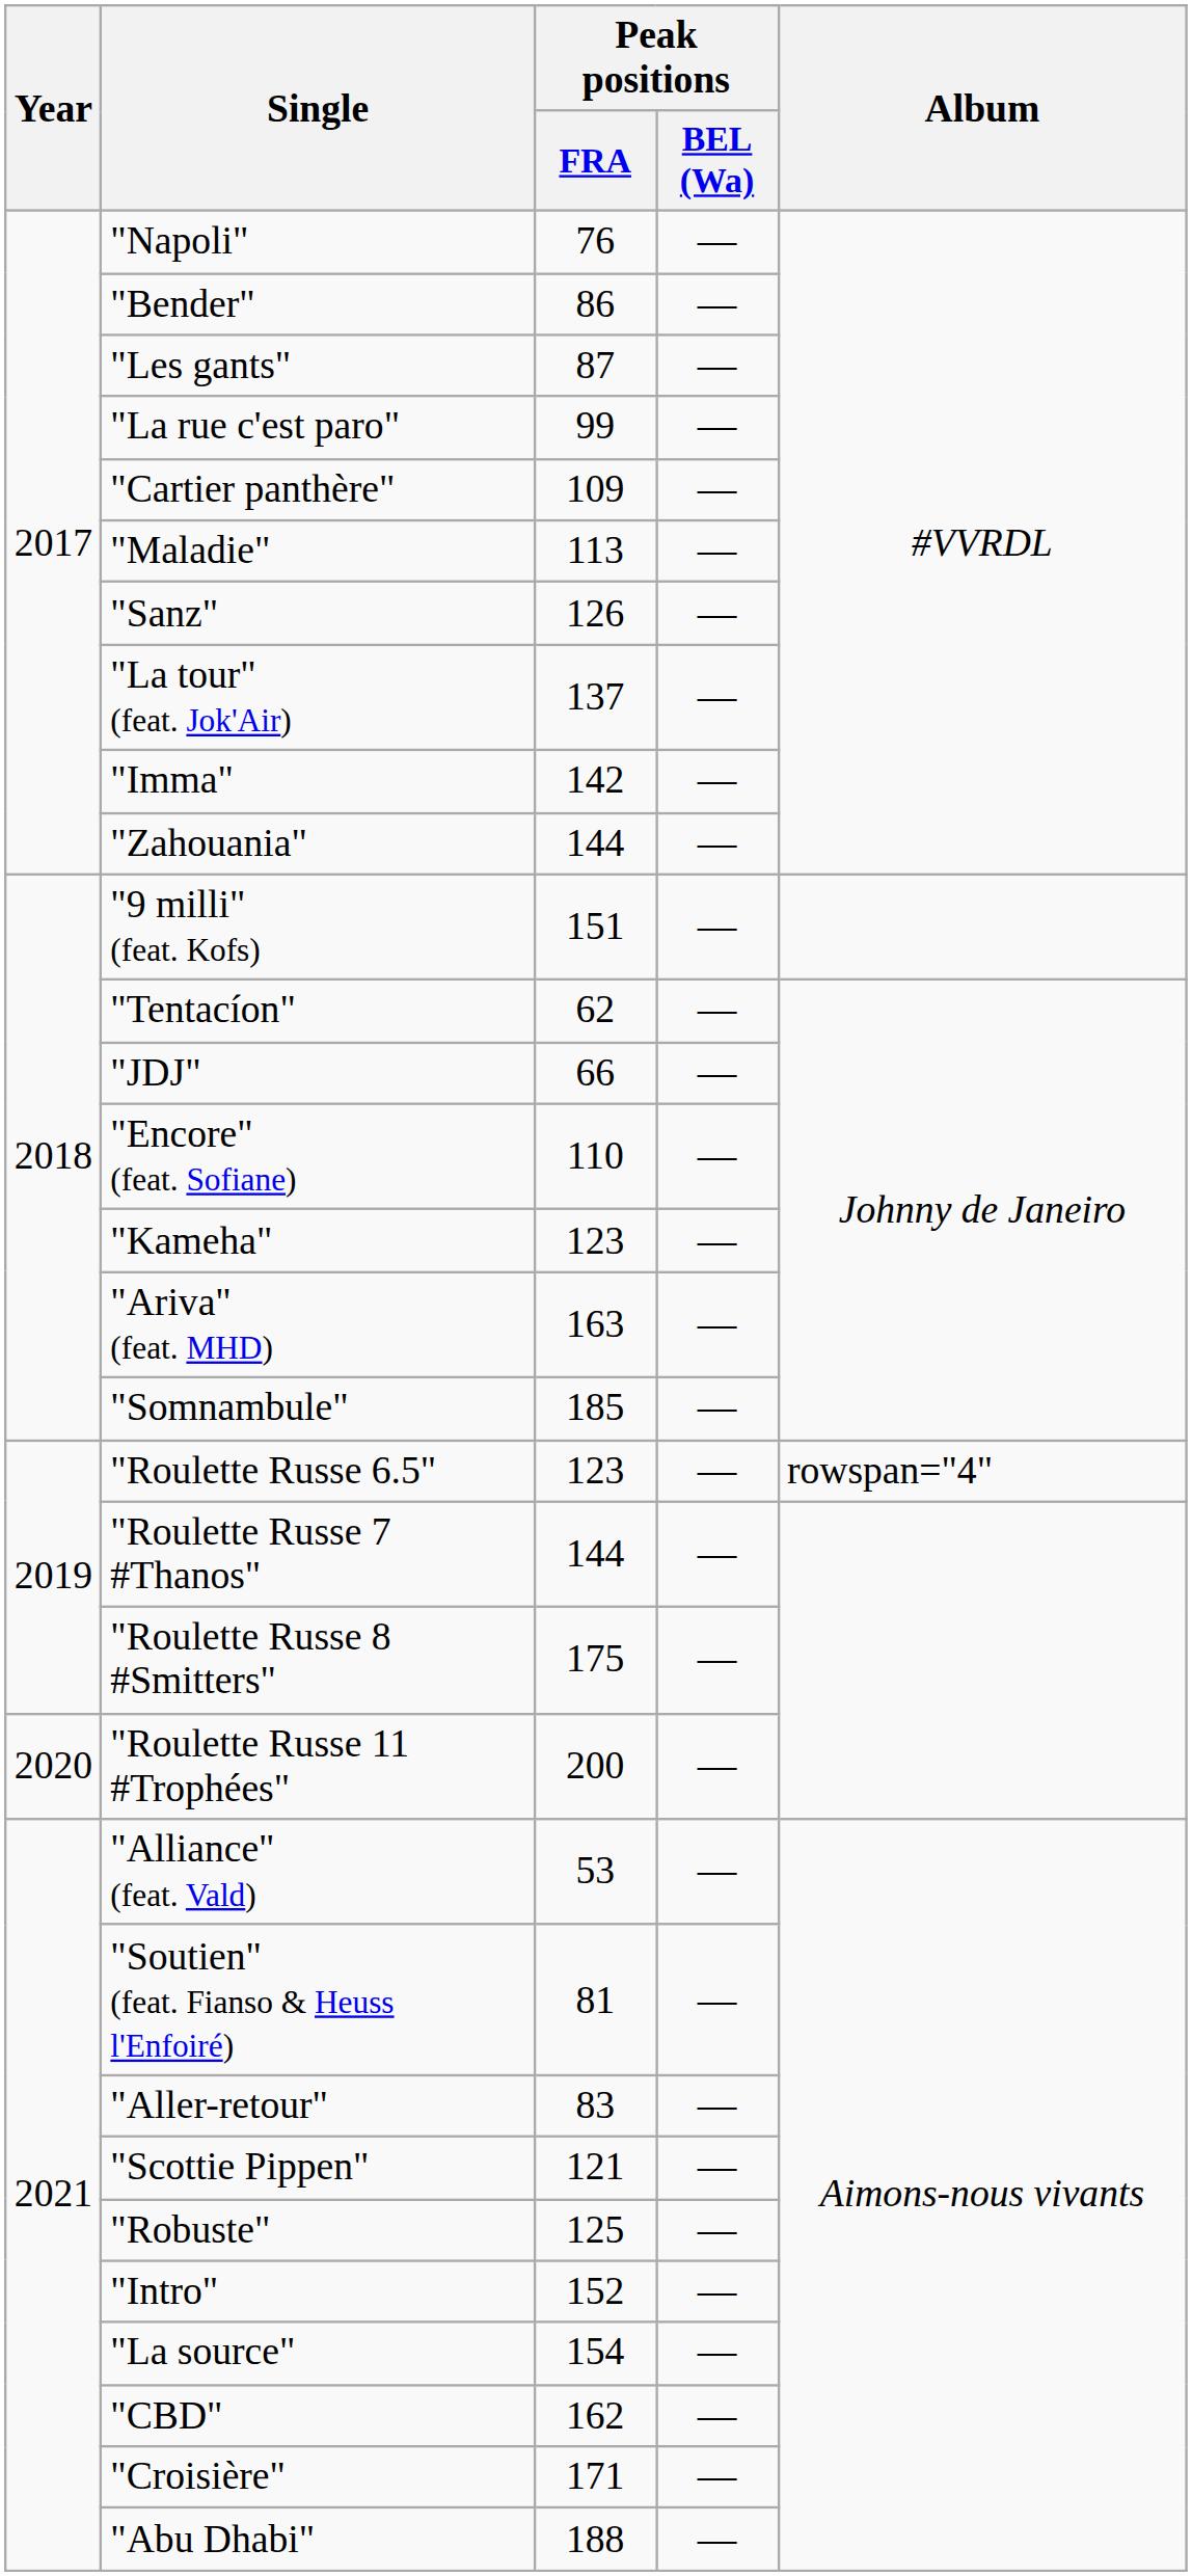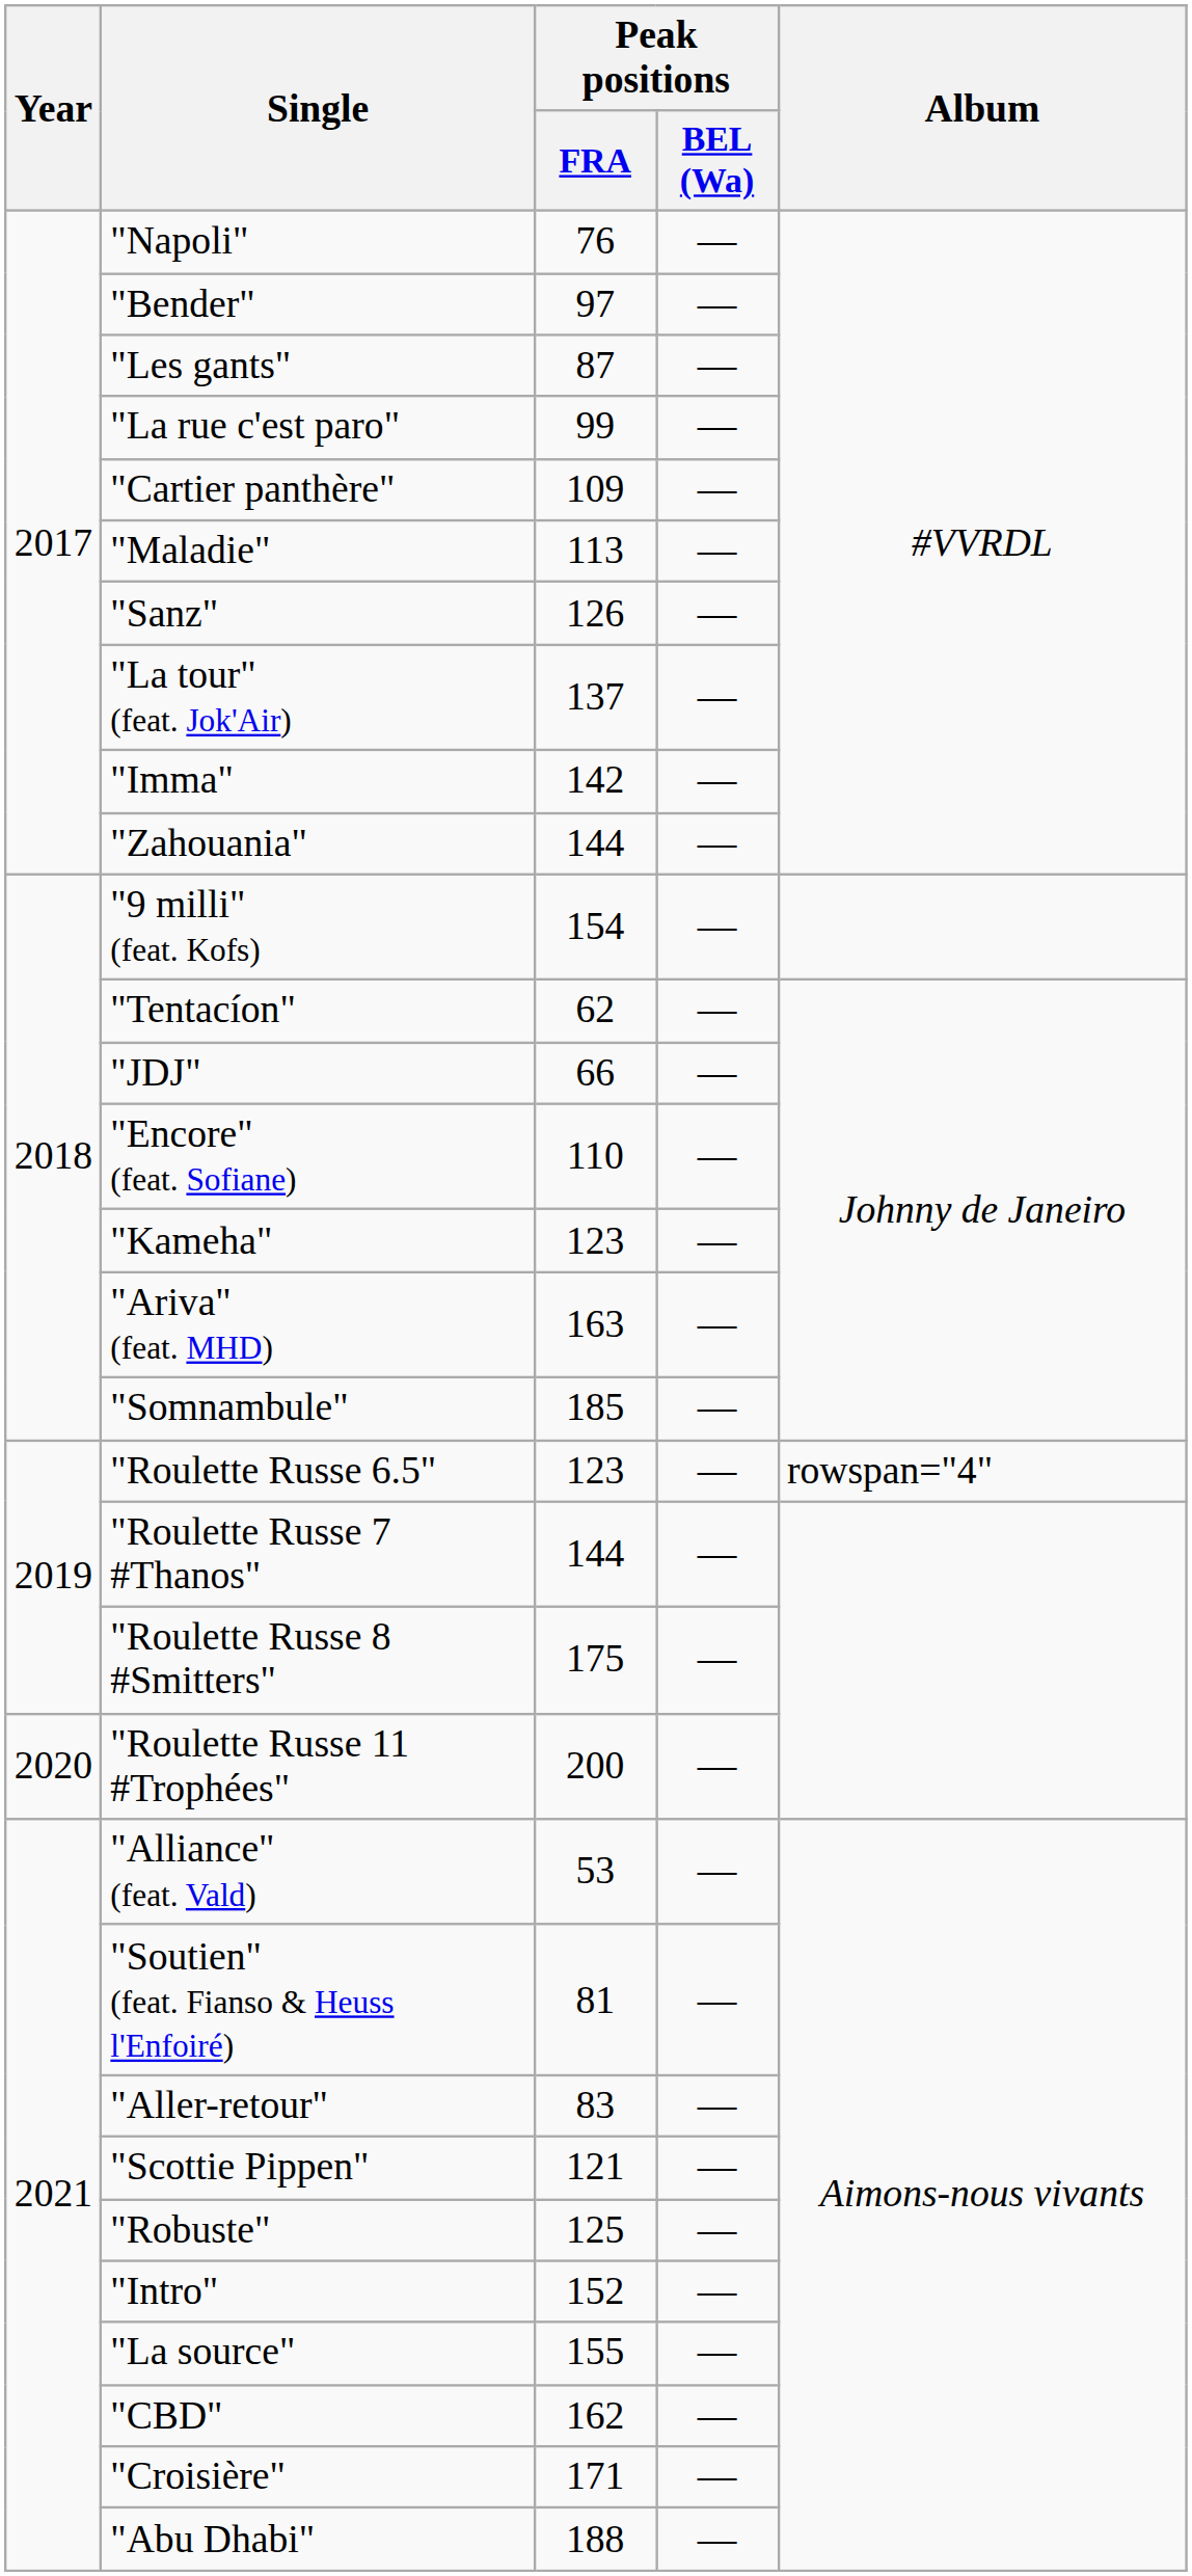 <table class="wikitable">
 <tr>
 <th align="center" rowspan="2" width="10">Year</th>
 <th align="center" rowspan="2" width="170">Single</th>
 <th align="center" colspan="2" width="20">Peak positions</th>
 <th align="center" rowspan="2" width="160">Album</th>
 </tr>
 <tr>
 <th scope="col" style="width:3em;font-size:90%;"><a href='#'>FRA</a><br></th>
 <th scope="col" style="width:3em;font-size:90%;"><a href='#'>BEL <br>(Wa)</a><br></th>
 </tr>
 <tr>
 <td style="text-align:center;" rowspan="10">2017</td>
 <td>"Napoli"</td>
 <td style="text-align:center;">76</td>
 <td style="text-align:center;">—</td>
 <td style="text-align:center;" rowspan="10"><em>#VVRDL</em></td>
 </tr>
 <tr>
 <td>"Bender"</td>
-<td style="text-align:center;">86</td>
+<td style="text-align:center;">97</td>
 <td style="text-align:center;">—</td>
 </tr>
 <tr>
 <td>"Les gants"</td>
 <td style="text-align:center;">87</td>
 <td style="text-align:center;">—</td>
 </tr>
 <tr>
 <td>"La rue c'est paro"</td>
 <td style="text-align:center;">99</td>
 <td style="text-align:center;">—</td>
 </tr>
 <tr>
 <td>"Cartier panthère"</td>
 <td style="text-align:center;">109</td>
 <td style="text-align:center;">—</td>
 </tr>
 <tr>
 <td>"Maladie"</td>
 <td style="text-align:center;">113</td>
 <td style="text-align:center;">—</td>
 </tr>
 <tr>
 <td>"Sanz"</td>
 <td style="text-align:center;">126</td>
 <td style="text-align:center;">—</td>
 </tr>
 <tr>
 <td>"La tour"<br><small>(feat. <a href='#'>Jok'Air</a>)</small></td>
 <td style="text-align:center;">137</td>
 <td style="text-align:center;">—</td>
 </tr>
 <tr>
 <td>"Imma"</td>
 <td style="text-align:center;">142</td>
 <td style="text-align:center;">—</td>
 </tr>
 <tr>
 <td>"Zahouania"</td>
 <td style="text-align:center;">144</td>
 <td style="text-align:center;">—</td>
 </tr>
 <tr>
 <td style="text-align:center;" rowspan="7">2018</td>
 <td>"9 milli"<br><small>(feat. Kofs)</small></td>
-<td style="text-align:center;">151</td>
+<td style="text-align:center;">154</td>
 <td style="text-align:center;">—</td>
 <td style="text-align:center;" rowspan="1"></td>
 </tr>
 <tr>
 <td>"Tentacíon"</td>
 <td style="text-align:center;">62</td>
 <td style="text-align:center;">—</td>
 <td style="text-align:center;" rowspan="6"><em>Johnny de Janeiro</em></td>
 </tr>
 <tr>
 <td>"JDJ"</td>
 <td style="text-align:center;">66</td>
 <td style="text-align:center;">—</td>
 </tr>
 <tr>
 <td>"Encore"<br><small>(feat. <a href='#'>Sofiane</a>)</small></td>
 <td style="text-align:center;">110</td>
 <td style="text-align:center;">—</td>
 </tr>
 <tr>
 <td>"Kameha"</td>
 <td style="text-align:center;">123</td>
 <td style="text-align:center;">—</td>
 </tr>
 <tr>
 <td>"Ariva"<br><small>(feat. <a href='#'>MHD</a>)</small></td>
 <td style="text-align:center;">163</td>
 <td style="text-align:center;">—</td>
 </tr>
 <tr>
 <td>"Somnambule"</td>
 <td style="text-align:center;">185</td>
 <td style="text-align:center;">—</td>
 </tr>
 <tr>
 <td style="text-align:center;" rowspan="3">2019</td>
 <td>"Roulette Russe 6.5"</td>
 <td style="text-align:center;">123</td>
 <td style="text-align:center;">—</td>
 <td>rowspan="4" </td>
 </tr>
 <tr>
 <td>"Roulette Russe 7 #Thanos"</td>
 <td style="text-align:center;">144</td>
 <td style="text-align:center;">—</td>
 </tr>
 <tr>
 <td>"Roulette Russe 8 #Smitters"</td>
 <td style="text-align:center;">175</td>
 <td style="text-align:center;">—</td>
 </tr>
 <tr>
 <td style="text-align:center;">2020</td>
 <td>"Roulette Russe 11 #Trophées"</td>
 <td style="text-align:center;">200</td>
 <td style="text-align:center;">—</td>
 </tr>
 <tr>
 <td style="text-align:center;" rowspan=10>2021</td>
 <td>"Alliance" <br><small>(feat. <a href='#'>Vald</a>)</small></td>
 <td style="text-align:center;">53</td>
 <td style="text-align:center;">—</td>
 <td style="text-align:center;" rowspan=10><em>Aimons-nous vivants</em></td>
 </tr>
 <tr>
 <td>"Soutien"<br><small>(feat. Fianso & <a href='#'>Heuss l'Enfoiré</a>)</small></td>
 <td style="text-align:center;">81</td>
 <td style="text-align:center;">—</td>
 </tr>
 <tr>
 <td>"Aller-retour"</td>
 <td style="text-align:center;">83</td>
 <td style="text-align:center;">—</td>
 </tr>
 <tr>
 <td>"Scottie Pippen"</td>
 <td style="text-align:center;">121</td>
 <td style="text-align:center;">—</td>
 </tr>
 <tr>
 <td>"Robuste"</td>
 <td style="text-align:center;">125</td>
 <td style="text-align:center;">—</td>
 </tr>
 <tr>
 <td>"Intro"</td>
 <td style="text-align:center;">152</td>
 <td style="text-align:center;">—</td>
 </tr>
 <tr>
 <td>"La source"</td>
-<td style="text-align:center;">154</td>
+<td style="text-align:center;">155</td>
 <td style="text-align:center;">—</td>
 </tr>
 <tr>
 <td>"CBD"</td>
 <td style="text-align:center;">162</td>
 <td style="text-align:center;">—</td>
 </tr>
 <tr>
 <td>"Croisière"</td>
 <td style="text-align:center;">171</td>
 <td style="text-align:center;">—</td>
 </tr>
 <tr>
 <td>"Abu Dhabi"</td>
 <td style="text-align:center;">188</td>
 <td style="text-align:center;">—</td>
 </tr>
 </table>
